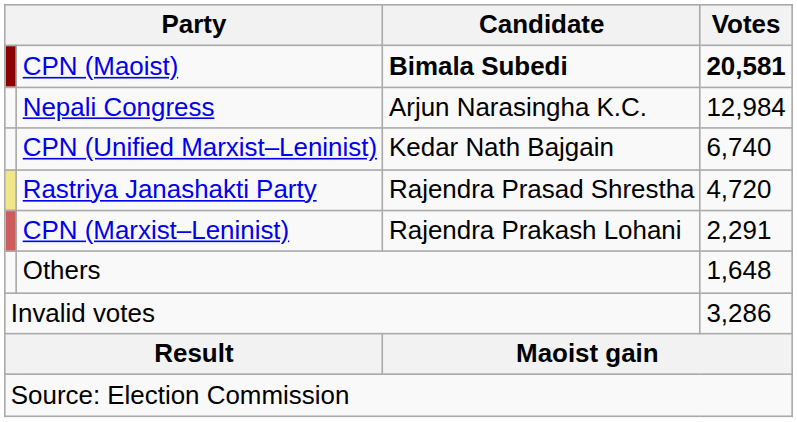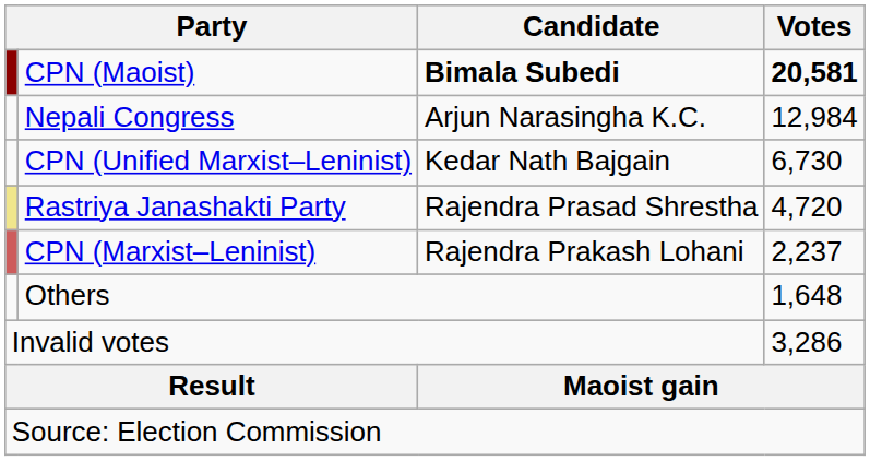 <table class="wikitable">
 <tr>
 <th colspan="2">Party</th>
 <th>Candidate</th>
 <th>Votes</th>
 </tr>
 <tr>
 <td style="background-color:darkred"></td>
 <td><a href='#'>CPN (Maoist)</a></td>
 <td><strong>Bimala Subedi</strong></td>
 <td><strong>20,581</strong></td>
 </tr>
 <tr>
 <td style="background-color:"></td>
 <td><a href='#'>Nepali Congress</a></td>
 <td>Arjun Narasingha K.C.</td>
 <td>12,984</td>
 </tr>
 <tr>
 <td style="background-color:"></td>
 <td><a href='#'>CPN (Unified Marxist–Leninist)</a></td>
 <td>Kedar Nath Bajgain</td>
-<td>6,740</td>
+<td>6,730</td>
 </tr>
 <tr>
 <td style="background-color:khaki"></td>
 <td><a href='#'>Rastriya Janashakti Party</a></td>
 <td>Rajendra Prasad Shrestha</td>
 <td>4,720</td>
 </tr>
 <tr>
 <td style="background-color:indianred"></td>
 <td><a href='#'>CPN (Marxist–Leninist)</a></td>
 <td>Rajendra Prakash Lohani</td>
-<td>2,291</td>
+<td>2,237</td>
 </tr>
 <tr>
 <td></td>
 <td colspan="2">Others</td>
 <td>1,648</td>
 </tr>
 <tr>
 <td colspan="3">Invalid votes</td>
 <td>3,286</td>
 </tr>
 <tr>
 <th colspan="2">Result</th>
 <th colspan="2">Maoist gain</th>
 </tr>
 <tr>
 <td colspan="4">Source: Election Commission</td>
 </tr>
 </table>
